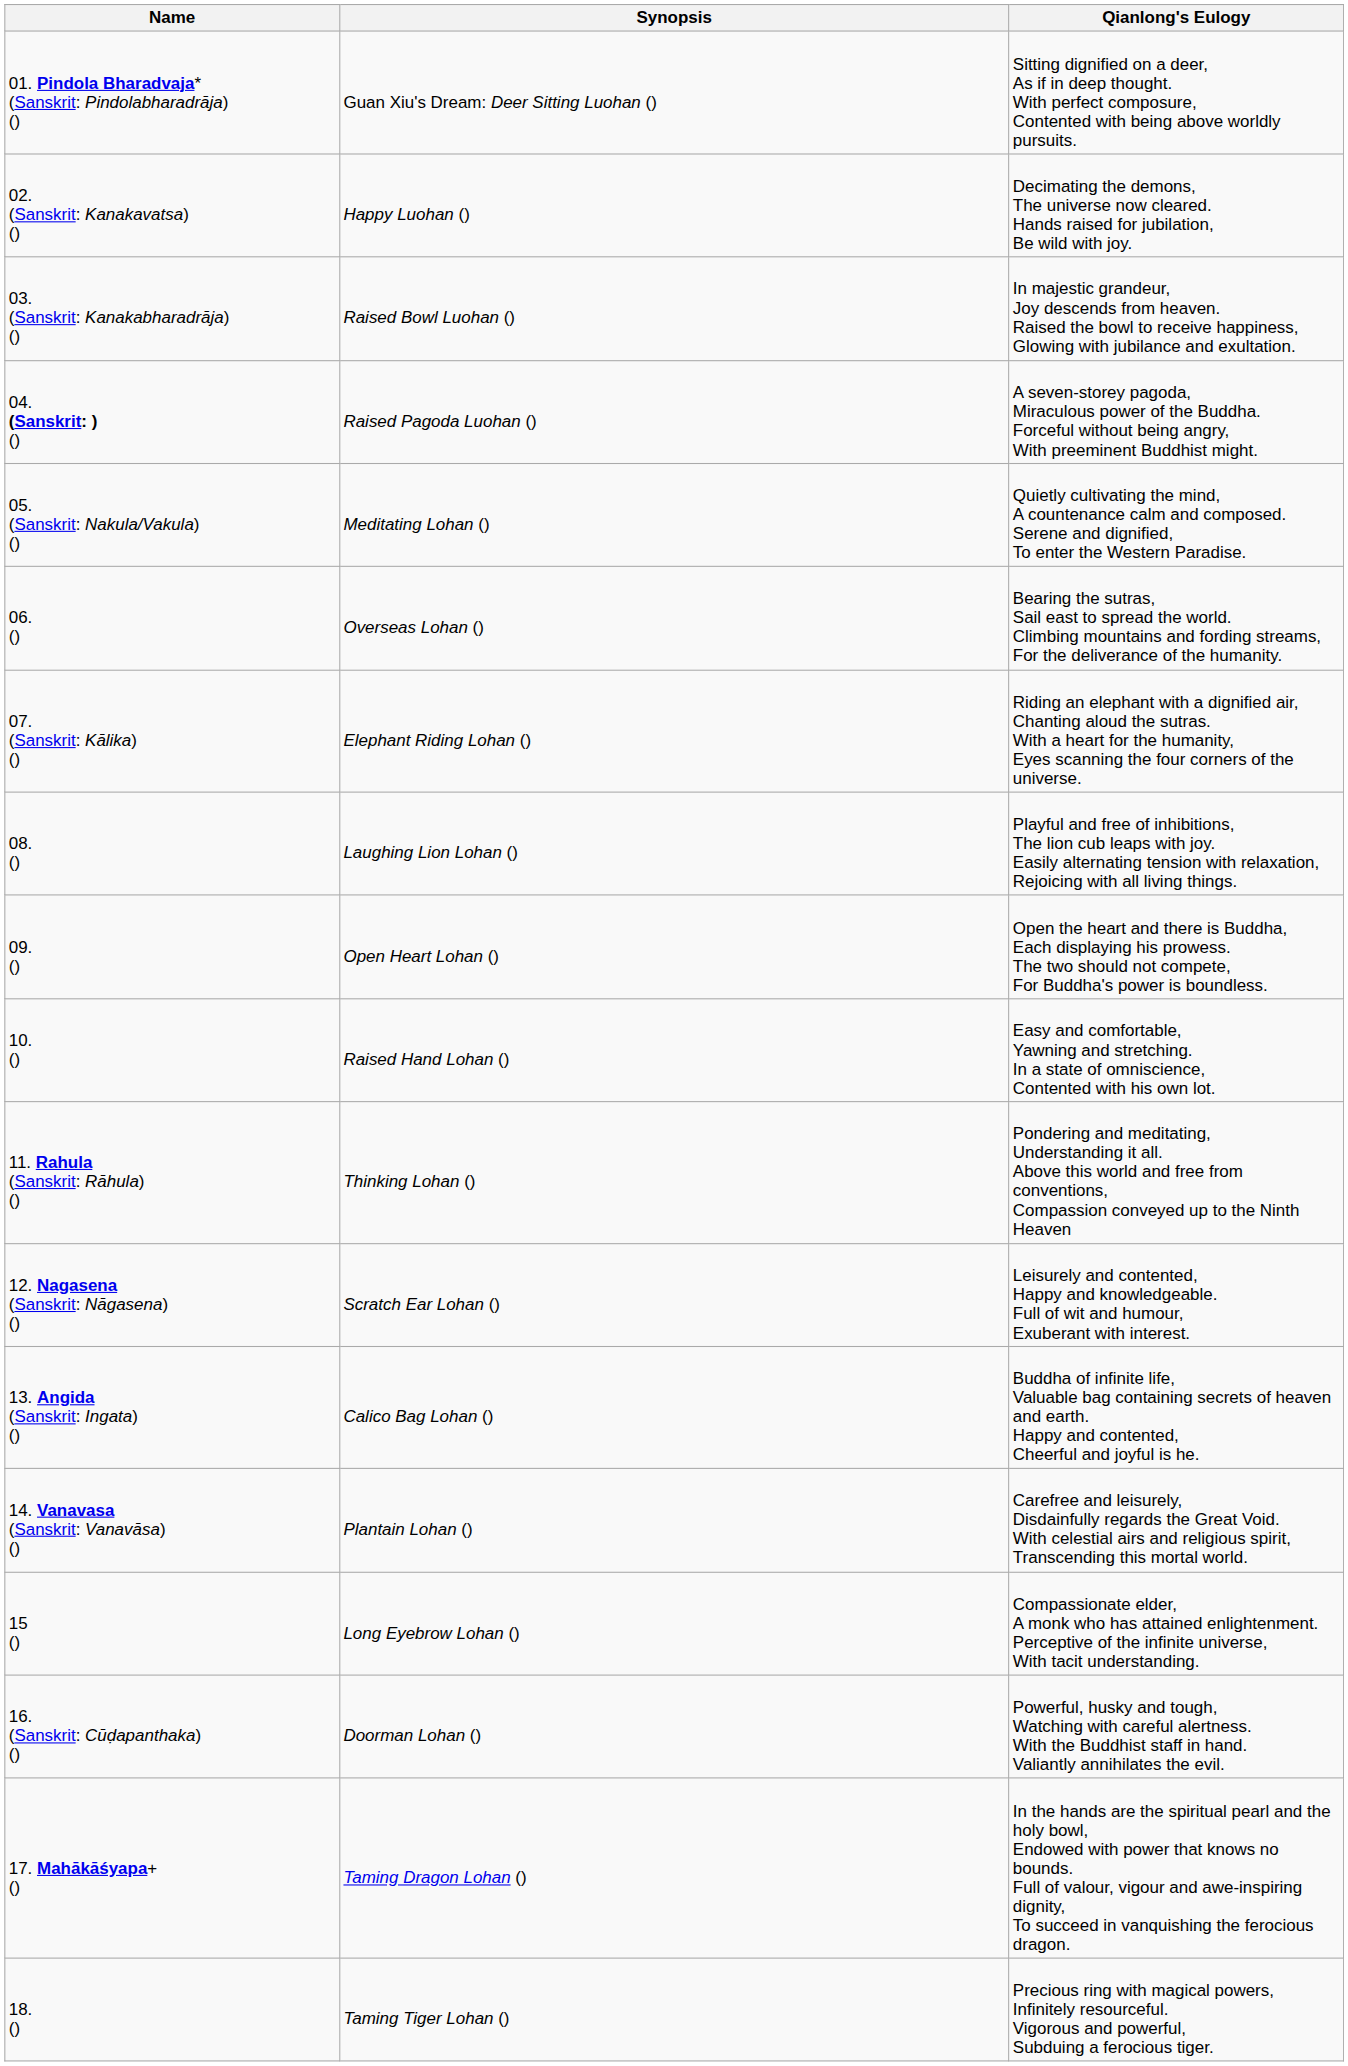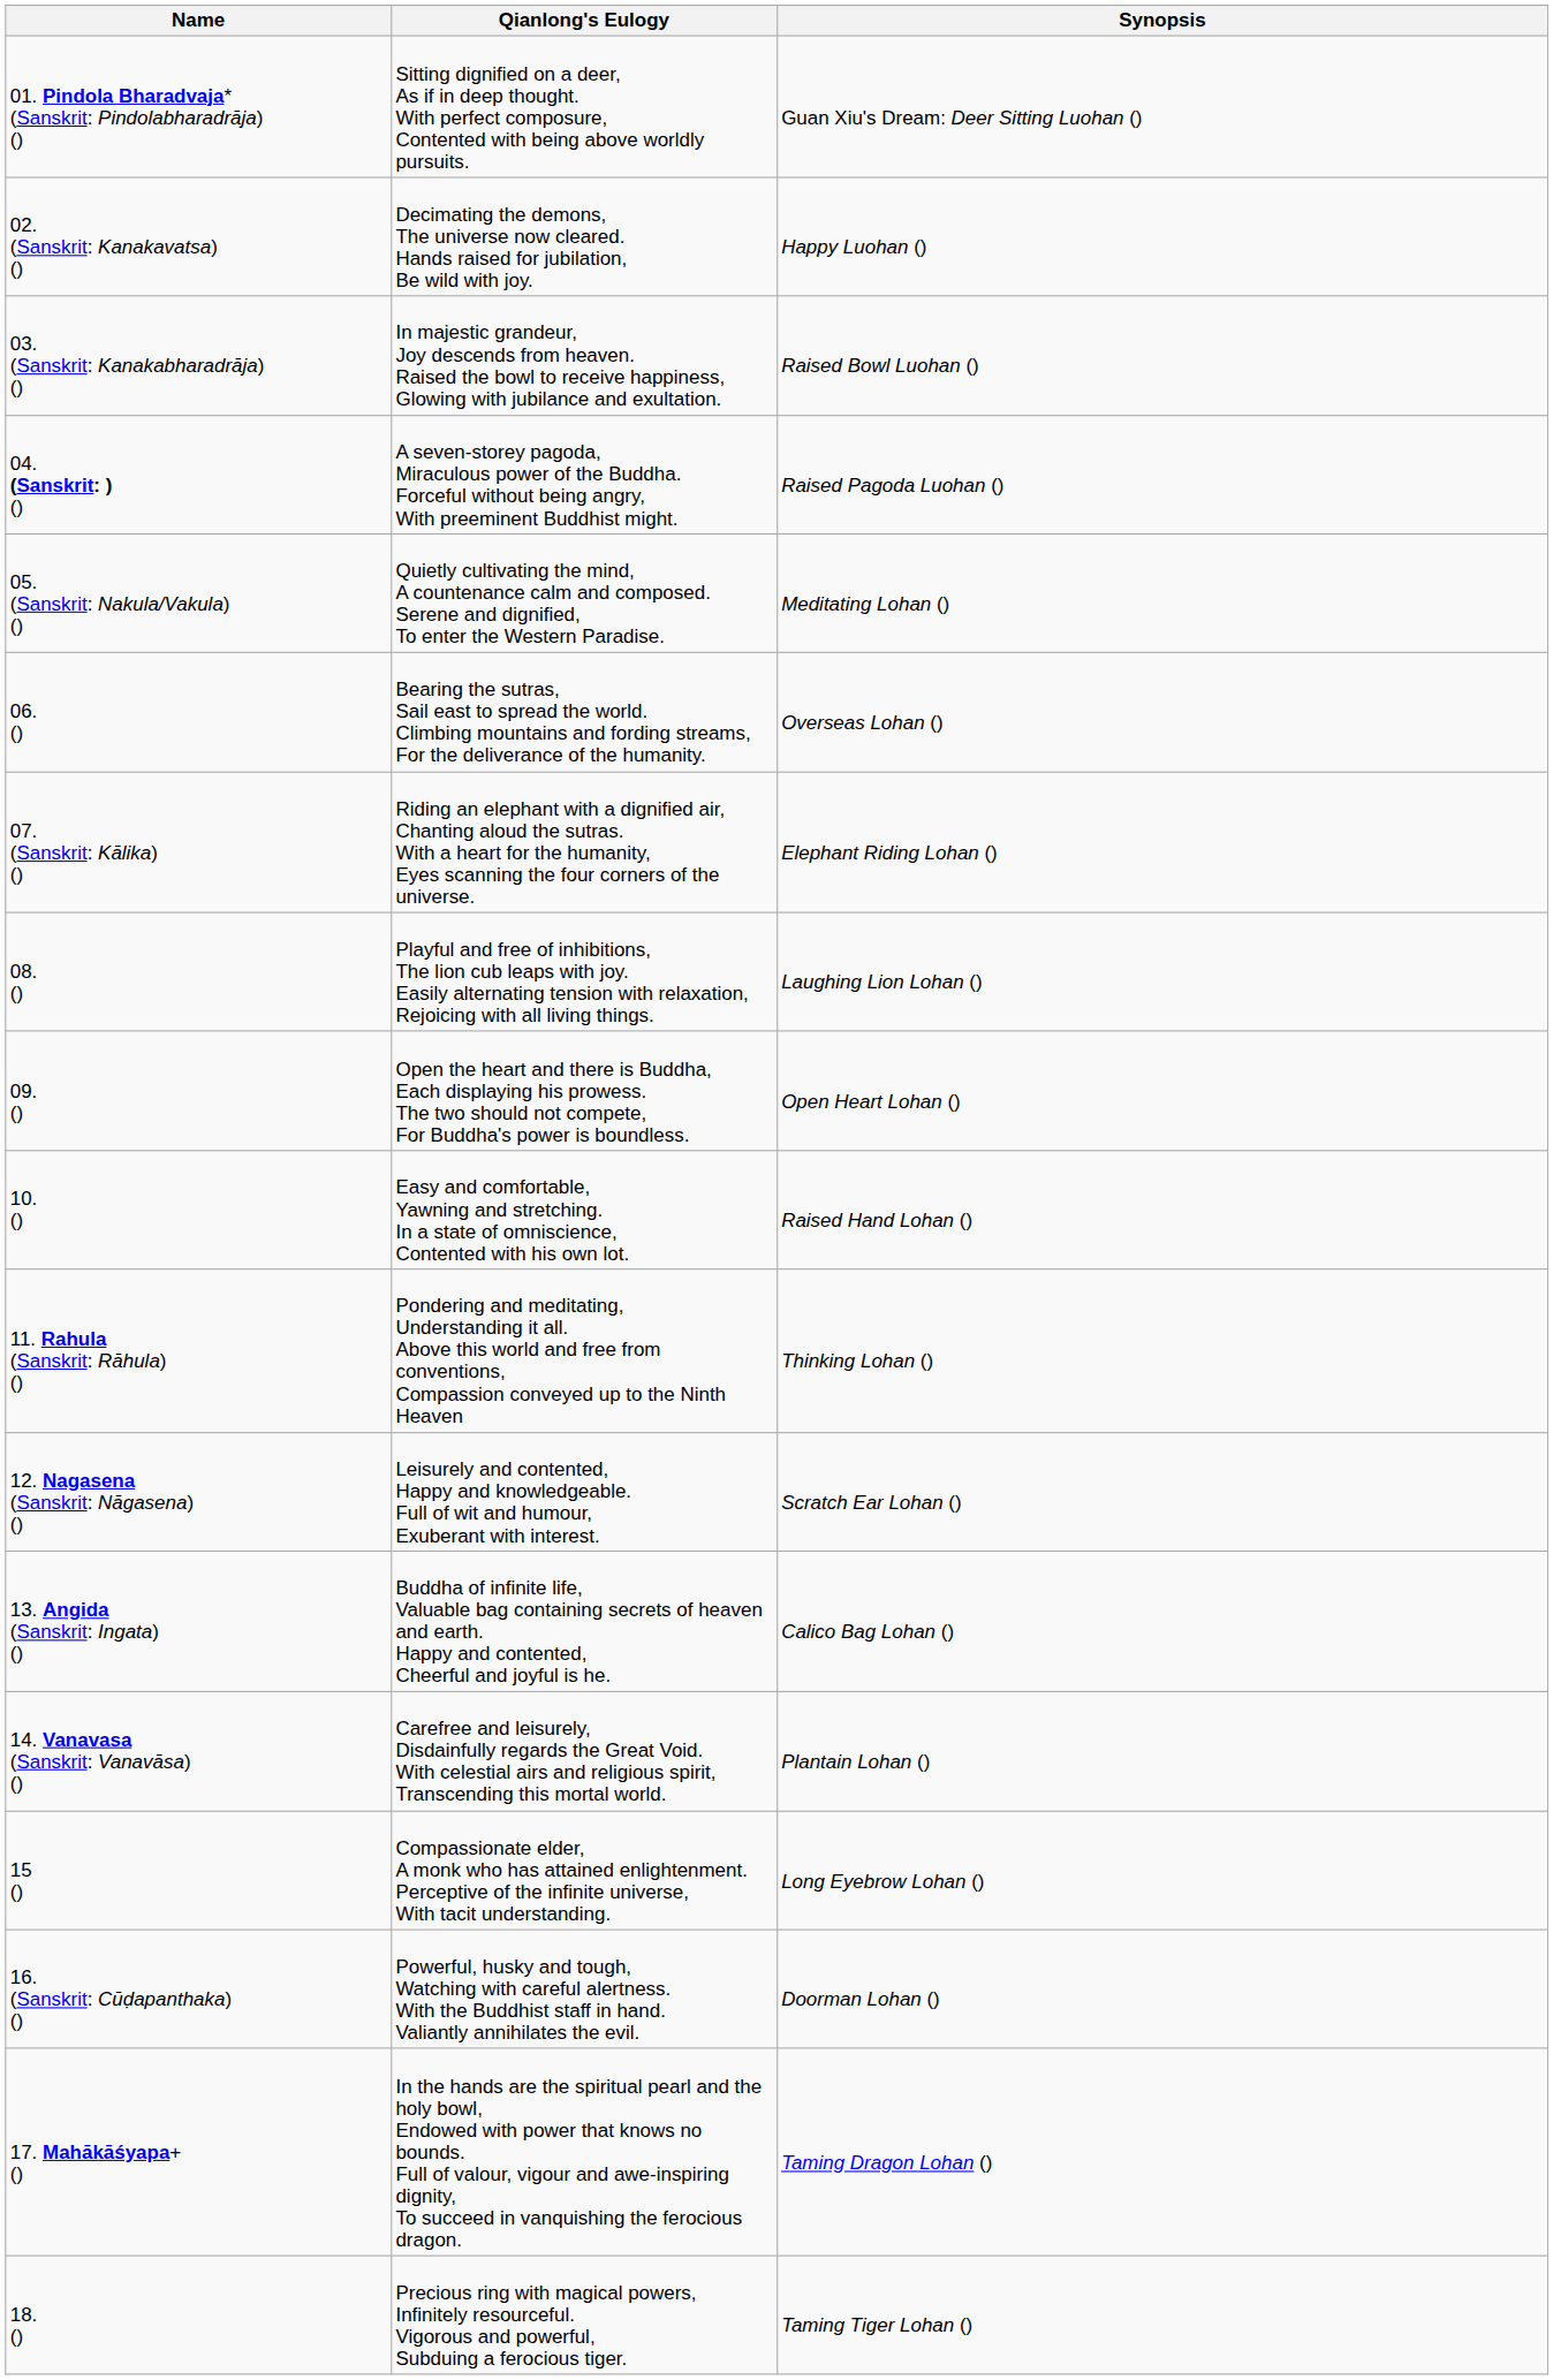 <table class="wikitable" align="center" style="margin:5px" width="100%">
 <tr>
 <th width=25%>Name</th>
+<th width=25%>Qianlong's Eulogy</th>
 <th>Synopsis</th>
-<th width=25%>Qianlong's Eulogy</th>
 </tr>
 <tr>
 <td><br>01. <strong><a href='#'>Pindola Bharadvaja</a></strong>*<br> (<a href='#'>Sanskrit</a>: <em>Pindolabharadrāja</em>)<br> ()</td>
+<td><br>Sitting dignified on a deer,<br> As if in deep thought.<br> With perfect composure,<br> Contented with being above worldly pursuits.</td>
 <td><br>Guan Xiu's Dream: <em>Deer Sitting Luohan</em> ()</td>
-<td><br>Sitting dignified on a deer,<br> As if in deep thought.<br> With perfect composure,<br> Contented with being above worldly pursuits.</td>
 </tr>
 <tr>
 <td><br>02. <strong></strong><br> (<a href='#'>Sanskrit</a>: <em>Kanakavatsa</em>)<br> ()</td>
+<td><br>Decimating the demons,<br> The universe now cleared.<br> Hands raised for jubilation,<br> Be wild with joy.</td>
 <td><br><em>Happy Luohan</em> ()</td>
-<td><br>Decimating the demons,<br> The universe now cleared.<br> Hands raised for jubilation,<br> Be wild with joy.</td>
 </tr>
 <tr>
 <td><br>03. <strong></strong><br> (<a href='#'>Sanskrit</a>: <em>Kanakabharadrāja</em>)<br> ()</td>
+<td><br>In majestic grandeur,<br> Joy descends from heaven.<br> Raised the bowl to receive happiness,<br> Glowing with jubilance and exultation.</td>
 <td><br><em>Raised Bowl Luohan</em> ()</td>
-<td><br>In majestic grandeur,<br> Joy descends from heaven.<br> Raised the bowl to receive happiness,<br> Glowing with jubilance and exultation.</td>
 </tr>
 <tr>
 <td><br>04. <strong></strong><br><strong>(<a href='#'>Sanskrit</a>:</strong>  <strong>)<br></strong> ()</td>
+<td><br>A seven-storey pagoda,<br> Miraculous power of the Buddha.<br> Forceful without being angry,<br> With preeminent Buddhist might.</td>
 <td><br><em>Raised Pagoda Luohan</em> ()</td>
-<td><br>A seven-storey pagoda,<br> Miraculous power of the Buddha.<br> Forceful without being angry,<br> With preeminent Buddhist might.</td>
 </tr>
 <tr>
 <td><br>05. <br> (<a href='#'>Sanskrit</a>: <em>Nakula/Vakula</em>)<br> ()</td>
+<td><br>Quietly cultivating the mind,<br> A countenance calm and composed.<br> Serene and dignified,<br> To enter the Western Paradise.</td>
 <td><br><em>Meditating Lohan</em> ()</td>
-<td><br>Quietly cultivating the mind,<br> A countenance calm and composed.<br> Serene and dignified,<br> To enter the Western Paradise.</td>
 </tr>
 <tr>
 <td><br>06. <br> ()</td>
+<td><br>Bearing the sutras,<br> Sail east to spread the world.<br> Climbing mountains and fording streams,<br> For the deliverance of the humanity.</td>
 <td><br><em>Overseas Lohan</em> ()</td>
-<td><br>Bearing the sutras,<br> Sail east to spread the world.<br> Climbing mountains and fording streams,<br> For the deliverance of the humanity.</td>
 </tr>
 <tr>
 <td><br>07. <strong></strong><br> (<a href='#'>Sanskrit</a>: <em>Kālika</em>)<br> ()</td>
+<td><br>Riding an elephant with a dignified air,<br> Chanting aloud the sutras.<br> With a heart for the humanity,<br> Eyes scanning the four corners of the universe.</td>
 <td><br><em>Elephant Riding Lohan</em> ()</td>
-<td><br>Riding an elephant with a dignified air,<br> Chanting aloud the sutras.<br> With a heart for the humanity,<br> Eyes scanning the four corners of the universe.</td>
 </tr>
 <tr>
 <td><br>08. <strong></strong><br> ()</td>
+<td><br>Playful and free of inhibitions,<br> The lion cub leaps with joy.<br> Easily alternating tension with relaxation,<br> Rejoicing with all living things.</td>
 <td><br><em>Laughing Lion Lohan</em> ()</td>
-<td><br>Playful and free of inhibitions,<br> The lion cub leaps with joy.<br> Easily alternating tension with relaxation,<br> Rejoicing with all living things.</td>
 </tr>
 <tr>
 <td><br>09. <strong></strong><br> ()</td>
+<td><br>Open the heart and there is Buddha,<br> Each displaying his prowess.<br> The two should not compete,<br> For Buddha's power is boundless.</td>
 <td><br><em>Open Heart Lohan</em> ()</td>
-<td><br>Open the heart and there is Buddha,<br> Each displaying his prowess.<br> The two should not compete,<br> For Buddha's power is boundless.</td>
 </tr>
 <tr>
 <td><br>10. <br>()<br><br></td>
+<td><br>Easy and comfortable,<br> Yawning and stretching.<br> In a state of omniscience,<br> Contented with his own lot.</td>
 <td><br><em>Raised Hand Lohan</em> ()</td>
-<td><br>Easy and comfortable,<br> Yawning and stretching.<br> In a state of omniscience,<br> Contented with his own lot.</td>
 </tr>
 <tr>
 <td><br>11. <strong><a href='#'>Rahula</a></strong><br> (<a href='#'>Sanskrit</a>: <em>Rāhula</em>)<br> ()</td>
+<td><br>Pondering and meditating,<br> Understanding it all.<br> Above this world and free from conventions,<br> Compassion conveyed up to the Ninth Heaven</td>
 <td><br><em>Thinking Lohan</em> ()</td>
-<td><br>Pondering and meditating,<br> Understanding it all.<br> Above this world and free from conventions,<br> Compassion conveyed up to the Ninth Heaven</td>
 </tr>
 <tr>
 <td><br>12. <strong><a href='#'>Nagasena</a></strong><br> (<a href='#'>Sanskrit</a>: <em>Nāgasena</em>)<br> ()</td>
+<td><br>Leisurely and contented,<br> Happy and knowledgeable.<br> Full of wit and humour,<br> Exuberant with interest.</td>
 <td><br><em>Scratch Ear Lohan</em> ()</td>
-<td><br>Leisurely and contented,<br> Happy and knowledgeable.<br> Full of wit and humour,<br> Exuberant with interest.</td>
 </tr>
 <tr>
 <td><br>13. <strong><a href='#'>Angida</a></strong><br>(<a href='#'>Sanskrit</a>: <em>Ingata</em>)<br> ()</td>
+<td><br>Buddha of infinite life,<br> Valuable bag containing secrets of heaven and earth.<br> Happy and contented,<br> Cheerful and joyful is he.<br></td>
 <td><br><em>Calico Bag Lohan</em> ()</td>
-<td><br>Buddha of infinite life,<br> Valuable bag containing secrets of heaven and earth.<br> Happy and contented,<br> Cheerful and joyful is he.<br></td>
 </tr>
 <tr>
 <td><br>14. <strong><a href='#'>Vanavasa</a></strong><br> (<a href='#'>Sanskrit</a>: <em>Vanavāsa</em>)<br> ()</td>
+<td><br>Carefree and leisurely,<br> Disdainfully regards the Great Void.<br> With celestial airs and religious spirit,<br> Transcending this mortal world.<br></td>
 <td><br><em>Plantain Lohan</em> ()</td>
-<td><br>Carefree and leisurely,<br> Disdainfully regards the Great Void.<br> With celestial airs and religious spirit,<br> Transcending this mortal world.<br></td>
 </tr>
 <tr>
 <td><br>15<br> ()</td>
+<td><br>Compassionate elder,<br> A monk who has attained enlightenment.<br> Perceptive of the infinite universe,<br> With tacit understanding.</td>
 <td><br><em>Long Eyebrow Lohan</em> ()</td>
-<td><br>Compassionate elder,<br> A monk who has attained enlightenment.<br> Perceptive of the infinite universe,<br> With tacit understanding.</td>
 </tr>
 <tr>
 <td><br>16. <br> (<a href='#'>Sanskrit</a>: <em>Cūḍapanthaka</em>)<br> ()</td>
+<td><br>Powerful, husky and tough,<br> Watching with careful alertness.<br> With the Buddhist staff in hand.<br> Valiantly annihilates the evil.</td>
 <td><br><em>Doorman Lohan</em> ()</td>
-<td><br>Powerful, husky and tough,<br> Watching with careful alertness.<br> With the Buddhist staff in hand.<br> Valiantly annihilates the evil.</td>
 </tr>
 <tr>
 <td><br>17. <strong><a href='#'>Mahākāśyapa</a></strong>+<br>()<br></td>
+<td><br>In the hands are the spiritual pearl and the holy bowl,<br> Endowed with power that knows no bounds.<br> Full of valour, vigour and awe-inspiring dignity,<br> To succeed in vanquishing the ferocious dragon.</td>
 <td><br><em><a href='#'>Taming Dragon Lohan</a></em> ()</td>
-<td><br>In the hands are the spiritual pearl and the holy bowl,<br> Endowed with power that knows no bounds.<br> Full of valour, vigour and awe-inspiring dignity,<br> To succeed in vanquishing the ferocious dragon.</td>
 </tr>
 <tr>
 <td><br>18. <br> ()</td>
+<td><br>Precious ring with magical powers,<br> Infinitely resourceful.<br> Vigorous and powerful,<br> Subduing a ferocious tiger.</td>
 <td><br><em>Taming Tiger Lohan</em> ()</td>
-<td><br>Precious ring with magical powers,<br> Infinitely resourceful.<br> Vigorous and powerful,<br> Subduing a ferocious tiger.</td>
 </tr>
 </table>
